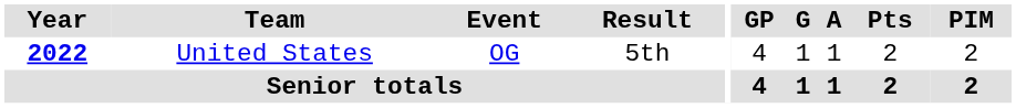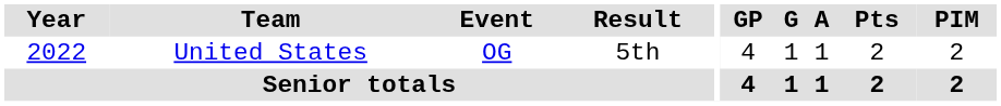 <table border="0" cellpadding="1" cellspacing="0" ID="Table3" style="text-align:center; width:40em;">
 <tr bgcolor="#e0e0e0">
 <th>Year</th>
 <th>Team</th>
 <th>Event</th>
 <th>Result</th>
 <th rowspan="98" bgcolor="#ffffff"></th>
 <th>GP</th>
 <th>G</th>
 <th>A</th>
 <th>Pts</th>
 <th>PIM</th>
 </tr>
 <tr>
-<td><strong><a href='#'>2022</a></strong></td>
+<td><a href='#'>2022</a></td>
 <td><a href='#'>United States</a></td>
 <td><a href='#'>OG</a></td>
 <td>5th</td>
 <td>4</td>
 <td>1</td>
 <td>1</td>
 <td>2</td>
 <td>2</td>
 </tr>
 <tr bgcolor="#e0e0e0">
 <th colspan="4">Senior totals</th>
 <th>4</th>
 <th>1</th>
 <th>1</th>
 <th>2</th>
 <th>2</th>
 </tr>
 </table>
